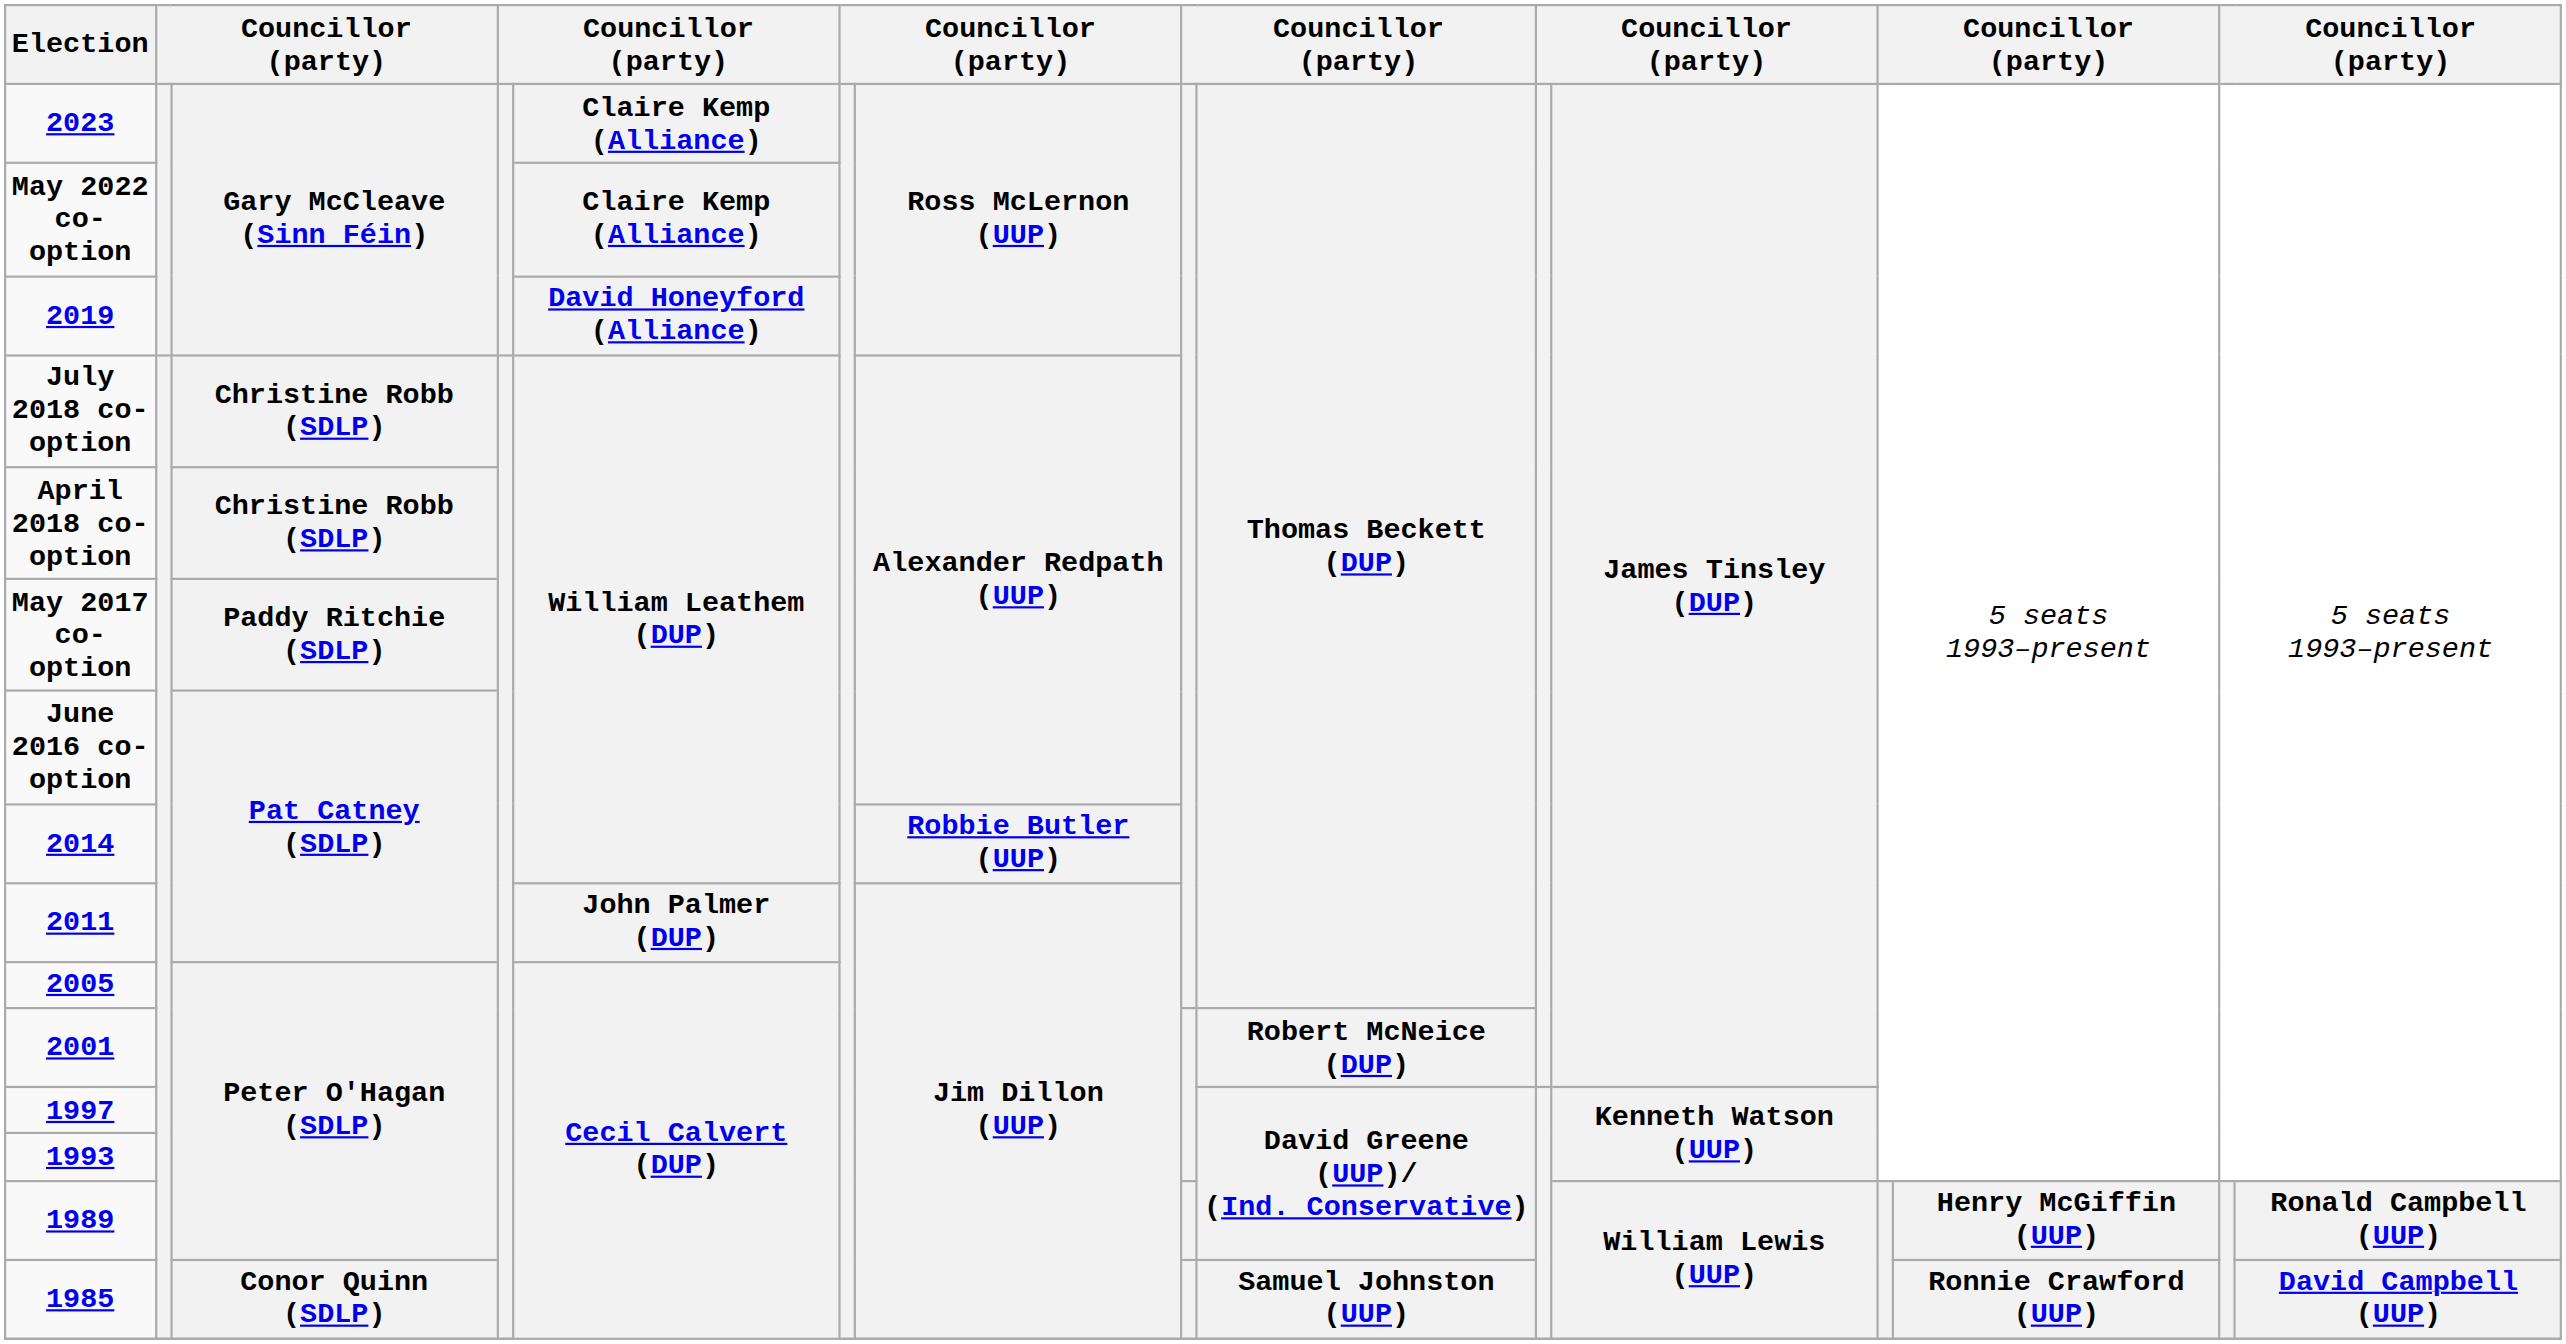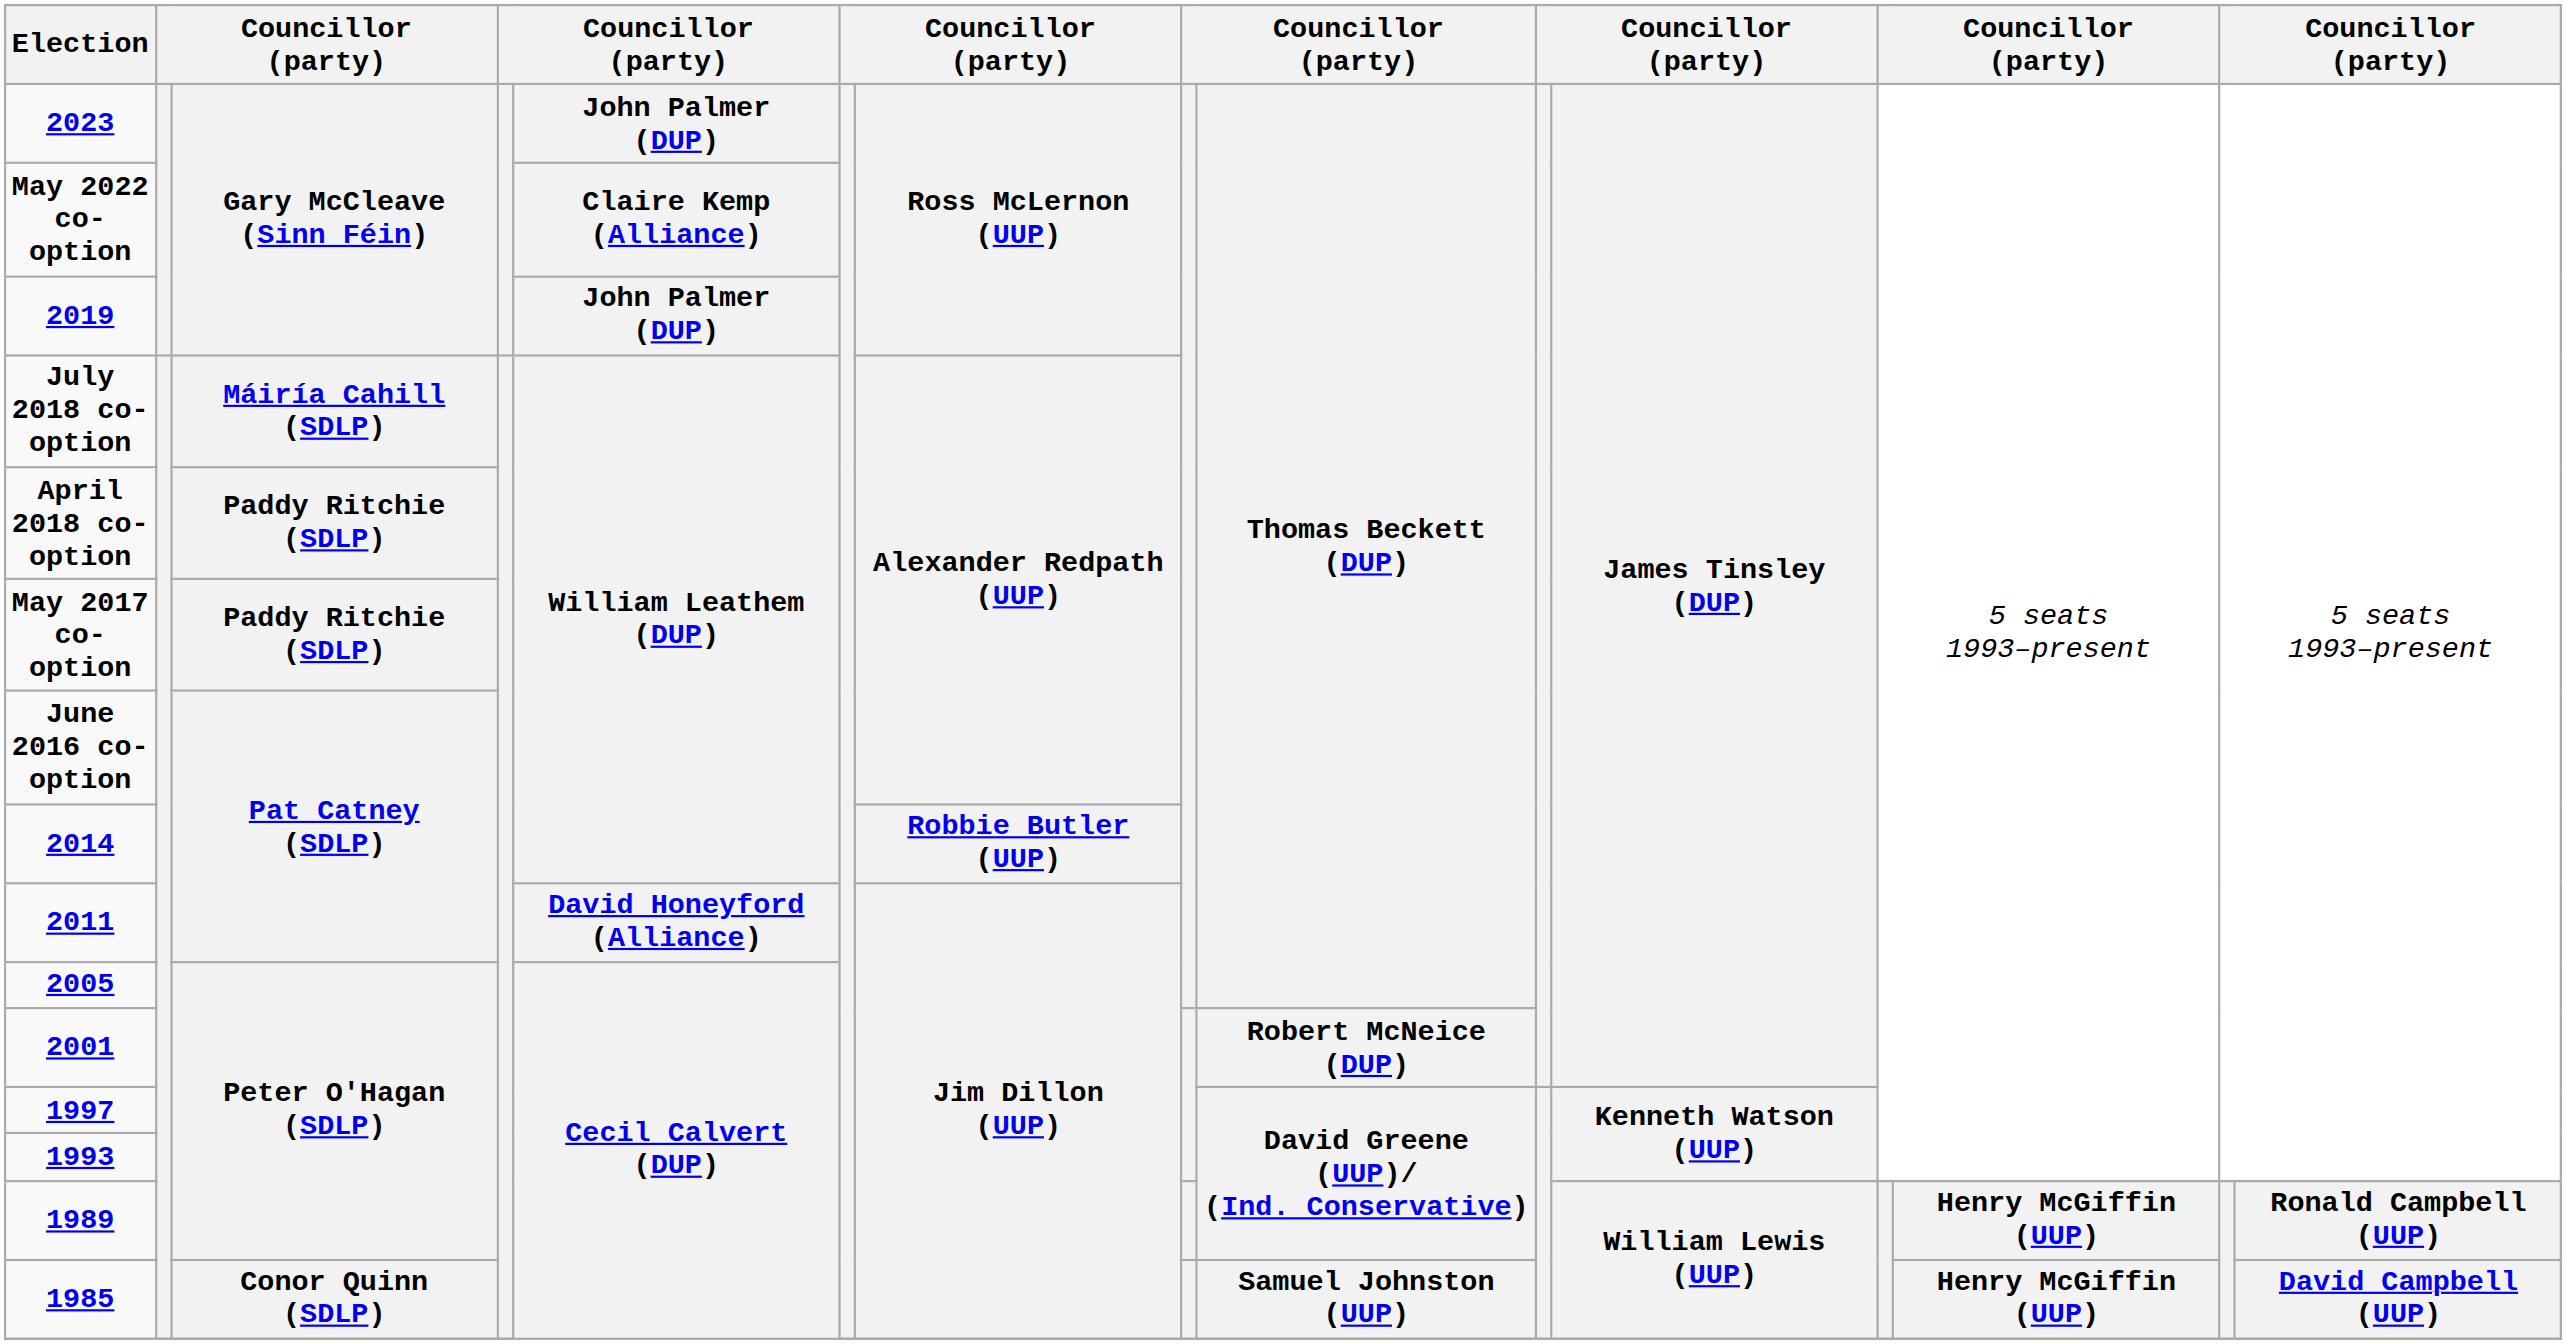 <table class="wikitable" style="text-align:center">
 <tr>
 <th scope="col" width="50">Election</th>
 <th scope="col" width="150" colspan = "2">Councillor<br> (party)</th>
 <th scope="col" width="150" colspan = "2">Councillor<br> (party)</th>
 <th scope="col" width="150" colspan = "2">Councillor<br> (party)</th>
 <th scope="col" width="150" colspan = "2">Councillor<br> (party)</th>
 <th scope="col" width="150" colspan = "2">Councillor<br> (party)</th>
 <th scope="col" width="150" colspan = "2">Councillor<br> (party)</th>
 <th scope="col" width="150" colspan = "2">Councillor<br> (party)</th>
 </tr>
 <tr>
 <td><strong><a href='#'>2023</a></strong></td>
 <th rowspan="3" width="1" style="background-color: "></th>
 <th rowspan = "3">Gary McCleave <br> (<a href='#'>Sinn Féin</a>)</th>
 <th rowspan="3" width="1" style="background-color: "></th>
-<th rowspan = "1">Claire Kemp <br> (<a href='#'>Alliance</a>)</th>
+<th rowspan = "1">John Palmer <br> (<a href='#'>DUP</a>)</th>
 <th rowspan="15" width="1" style="background-color: "></th>
 <th rowspan = "3">Ross McLernon <br> (<a href='#'>UUP</a>)</th>
 <th rowspan="10" width="1" style="background-color: "></th>
 <th rowspan = "10">Thomas Beckett <br> (<a href='#'>DUP</a>)</th>
 <th rowspan="11" width="1" style="background-color: "></th>
 <th rowspan = "11">James Tinsley <br> (<a href='#'>DUP</a>)</th>
 <td colspan="2" rowspan="13" style="background-color:#FFFFFF"><em>5 seats<br>1993–present</em></td>
 <td colspan="2" rowspan="13" style="background-color:#FFFFFF"><em>5 seats<br>1993–present</em></td>
 </tr>
 <tr>
 <td><strong>May 2022 co-option</strong></td>
 <th rowspan = "1">Claire Kemp <br> (<a href='#'>Alliance</a>)</th>
 </tr>
 <tr>
 <td><strong><a href='#'>2019</a></strong></td>
-<th rowspan = "1"><a href='#'>David Honeyford</a> <br> (<a href='#'>Alliance</a>)</th>
+<th rowspan = "1">John Palmer <br> (<a href='#'>DUP</a>)</th>
 </tr>
 <tr>
 <td><strong>July 2018 co-option</strong></td>
 <th rowspan="12" width="1" style="background-color: "></th>
-<th rowspan = "1">Christine Robb <br> (<a href='#'>SDLP</a>)</th>
+<th rowspan = "1"><a href='#'>Máiría Cahill</a> <br> (<a href='#'>SDLP</a>)</th>
 <th rowspan="12" width="1" style="background-color: "></th>
 <th rowspan = "5">William Leathem <br> (<a href='#'>DUP</a>)</th>
 <th rowspan = "4">Alexander Redpath <br> (<a href='#'>UUP</a>)</th>
 </tr>
 <tr>
 <td><strong>April 2018 co-option</strong></td>
-<th rowspan = "1">Christine Robb <br> (<a href='#'>SDLP</a>)</th>
+<th rowspan = "1">Paddy Ritchie <br> (<a href='#'>SDLP</a>)</th>
 </tr>
 <tr>
 <td><strong>May 2017 co-option</strong></td>
 <th rowspan = "1">Paddy Ritchie <br> (<a href='#'>SDLP</a>)</th>
 </tr>
 <tr>
 <td><strong>June 2016 co-option</strong></td>
 <th rowspan = "3"><a href='#'>Pat Catney</a> <br> (<a href='#'>SDLP</a>)</th>
 </tr>
 <tr>
 <td><strong><a href='#'>2014</a></strong></td>
 <th rowspan = "1"><a href='#'>Robbie Butler</a> <br> (<a href='#'>UUP</a>)</th>
 </tr>
 <tr>
 <td><strong><a href='#'>2011</a></strong></td>
-<th rowspan = "1">John Palmer <br> (<a href='#'>DUP</a>)</th>
+<th rowspan = "1"><a href='#'>David Honeyford</a> <br> (<a href='#'>Alliance</a>)</th>
 <th rowspan = "7">Jim Dillon <br> (<a href='#'>UUP</a>)</th>
 </tr>
 <tr>
 <td><strong><a href='#'>2005</a></strong></td>
 <th rowspan = "5">Peter O'Hagan <br> (<a href='#'>SDLP</a>)</th>
 <th rowspan = "7"><a href='#'>Cecil Calvert</a> <br> (<a href='#'>DUP</a>)</th>
 </tr>
 <tr>
 <td><strong><a href='#'>2001</a></strong></td>
 <th rowspan="3" width="1" style="background-color: "></th>
 <th rowspan = "1">Robert McNeice <br> (<a href='#'>DUP</a>)</th>
 </tr>
 <tr>
 <td><strong><a href='#'>1997</a></strong></td>
 <th rowspan = "3">David Greene <br> (<a href='#'>UUP</a>)/ <br> (<a href='#'>Ind. Conservative</a>)</th>
 <th rowspan="4" width="1" style="background-color: "></th>
 <th rowspan = "2">Kenneth Watson <br> (<a href='#'>UUP</a>)</th>
 </tr>
 <tr>
 <td><strong><a href='#'>1993</a></strong></td>
 </tr>
 <tr>
 <td><strong><a href='#'>1989</a></strong></td>
 <th rowspan="1" width="1" style="background-color: "></th>
 <th rowspan = "2">William Lewis <br> (<a href='#'>UUP</a>)</th>
 <th rowspan="2" width="1" style="background-color: "></th>
 <th rowspan = "1">Henry McGiffin <br> (<a href='#'>UUP</a>)</th>
 <th rowspan="2" width="1" style="background-color: "></th>
 <th rowspan = "1">Ronald Campbell <br> (<a href='#'>UUP</a>)</th>
 </tr>
 <tr>
 <td><strong><a href='#'>1985</a></strong></td>
 <th rowspan = "1">Conor Quinn <br> (<a href='#'>SDLP</a>)</th>
 <th rowspan="1" width="1" style="background-color: "></th>
 <th rowspan = "1">Samuel Johnston <br> (<a href='#'>UUP</a>)</th>
-<th rowspan = "1">Ronnie Crawford <br> (<a href='#'>UUP</a>)</th>
+<th rowspan = "1">Henry McGiffin <br> (<a href='#'>UUP</a>)</th>
 <th rowspan = "1"><a href='#'>David Campbell</a> <br> (<a href='#'>UUP</a>)</th>
 </tr>
 <tr>
 </tr>
 </table>
